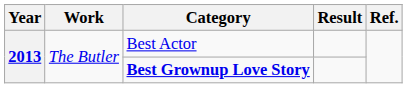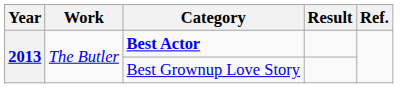 <table class="wikitable">
 <tr>
 <th>Year</th>
 <th>Work</th>
 <th>Category</th>
 <th>Result</th>
 <th>Ref.</th>
 </tr>
 <tr>
 <th scope="row" rowspan="2"><a href='#'>2013</a></th>
 <td rowspan="2"><em><a href='#'>The Butler</a></em></td>
-<td><a href='#'>Best Actor</a></td>
+<td><strong><a href='#'>Best Actor</a></strong></td>
 <td></td>
 <td rowspan="2"></td>
 </tr>
 <tr>
-<td><strong><a href='#'>Best Grownup Love Story</a></strong></td>
+<td><a href='#'>Best Grownup Love Story</a></td>
 <td></td>
 </tr>
 </table>
